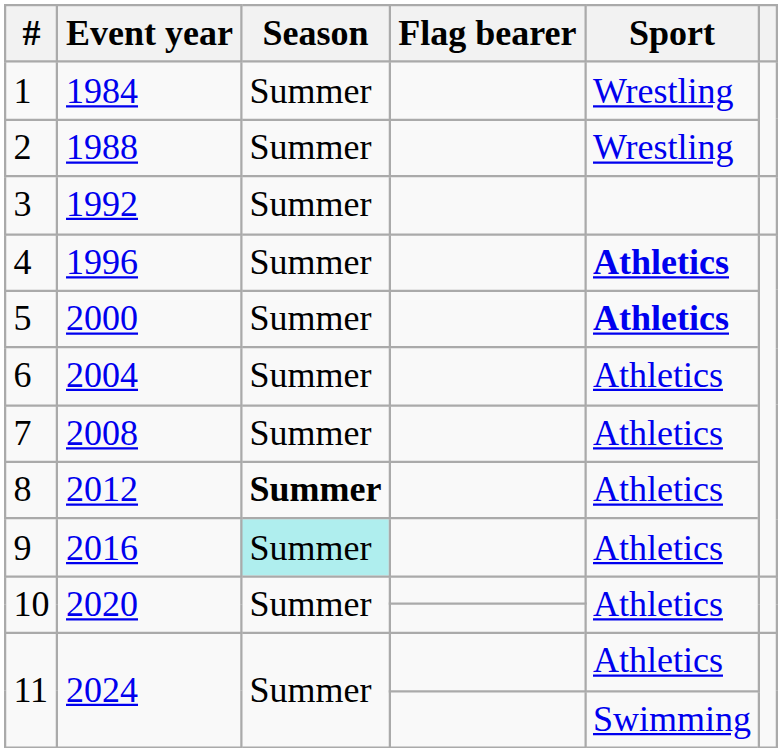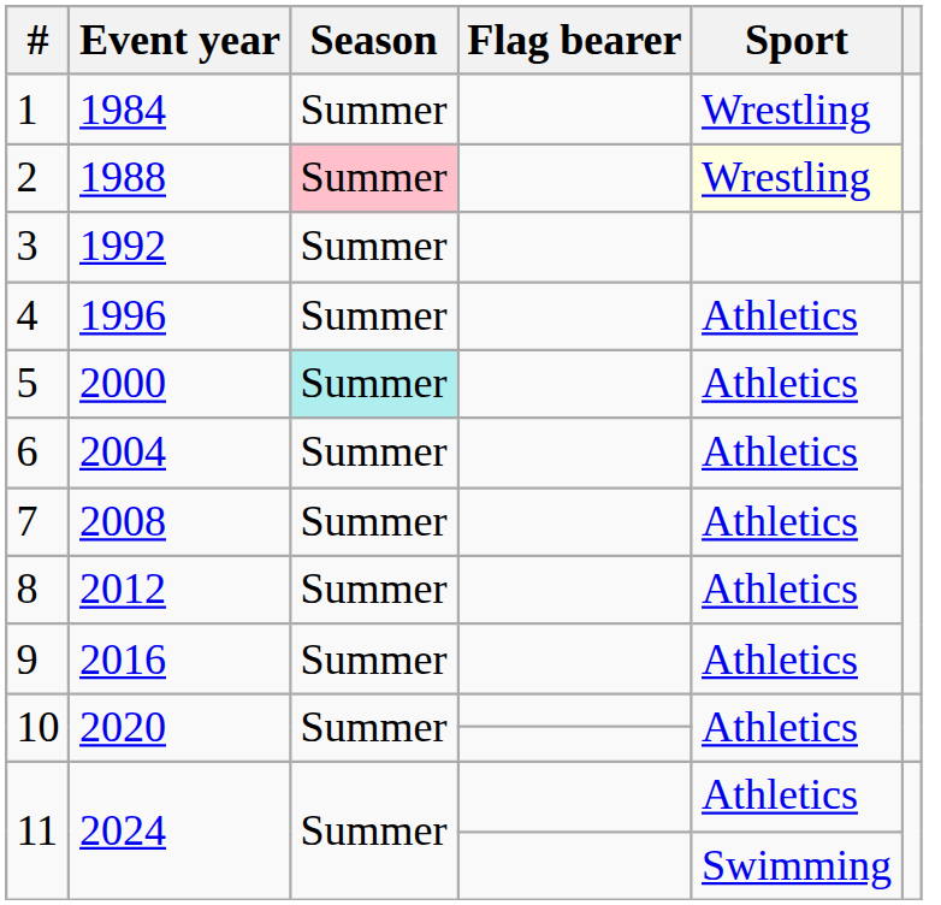 <table class="wikitable sortable">
 <tr>
 <th>#</th>
 <th>Event year</th>
 <th>Season</th>
 <th>Flag bearer</th>
 <th>Sport</th>
 <th></th>
 </tr>
 <tr>
 <td>1</td>
 <td><a href='#'>1984</a></td>
 <td>Summer</td>
 <td></td>
 <td><a href='#'>Wrestling</a></td>
 <td rowspan=2></td>
 </tr>
 <tr>
 <td>2</td>
 <td><a href='#'>1988</a></td>
-<td>Summer</td>
+<td style="background: pink;">Summer</td>
 <td></td>
-<td><a href='#'>Wrestling</a></td>
+<td style="background: lightyellow;"><a href='#'>Wrestling</a></td>
 </tr>
 <tr>
 <td>3</td>
 <td><a href='#'>1992</a></td>
 <td>Summer</td>
 <td></td>
 <td></td>
 <td></td>
 </tr>
 <tr>
 <td>4</td>
 <td><a href='#'>1996</a></td>
 <td>Summer</td>
 <td></td>
-<td><strong><a href='#'>Athletics</a></strong></td>
+<td><a href='#'>Athletics</a></td>
 <td rowspan=6></td>
 </tr>
 <tr>
 <td>5</td>
 <td><a href='#'>2000</a></td>
-<td>Summer</td>
+<td style="background: paleturquoise;">Summer</td>
 <td></td>
-<td><strong><a href='#'>Athletics</a></strong></td>
+<td><a href='#'>Athletics</a></td>
 </tr>
 <tr>
 <td>6</td>
 <td><a href='#'>2004</a></td>
 <td>Summer</td>
 <td></td>
 <td><a href='#'>Athletics</a></td>
 </tr>
 <tr>
 <td>7</td>
 <td><a href='#'>2008</a></td>
 <td>Summer</td>
 <td></td>
 <td><a href='#'>Athletics</a></td>
 </tr>
 <tr>
 <td>8</td>
 <td><a href='#'>2012</a></td>
-<td><strong>Summer</strong></td>
+<td>Summer</td>
 <td></td>
 <td><a href='#'>Athletics</a></td>
 </tr>
 <tr>
 <td>9</td>
 <td><a href='#'>2016</a></td>
-<td style="background: paleturquoise;">Summer</td>
+<td>Summer</td>
 <td></td>
 <td><a href='#'>Athletics</a></td>
 </tr>
 <tr>
 <td rowspan=2>10</td>
 <td rowspan=2><a href='#'>2020</a></td>
 <td rowspan=2>Summer</td>
 <td></td>
 <td rowspan=2><a href='#'>Athletics</a></td>
 <td rowspan=2></td>
 </tr>
 <tr>
 <td></td>
 </tr>
 <tr>
 <td rowspan=2>11</td>
 <td rowspan=2><a href='#'>2024</a></td>
 <td rowspan=2>Summer</td>
 <td></td>
 <td><a href='#'>Athletics</a></td>
 <td rowspan=2></td>
 </tr>
 <tr>
 <td></td>
 <td><a href='#'>Swimming</a></td>
 </tr>
 </table>
